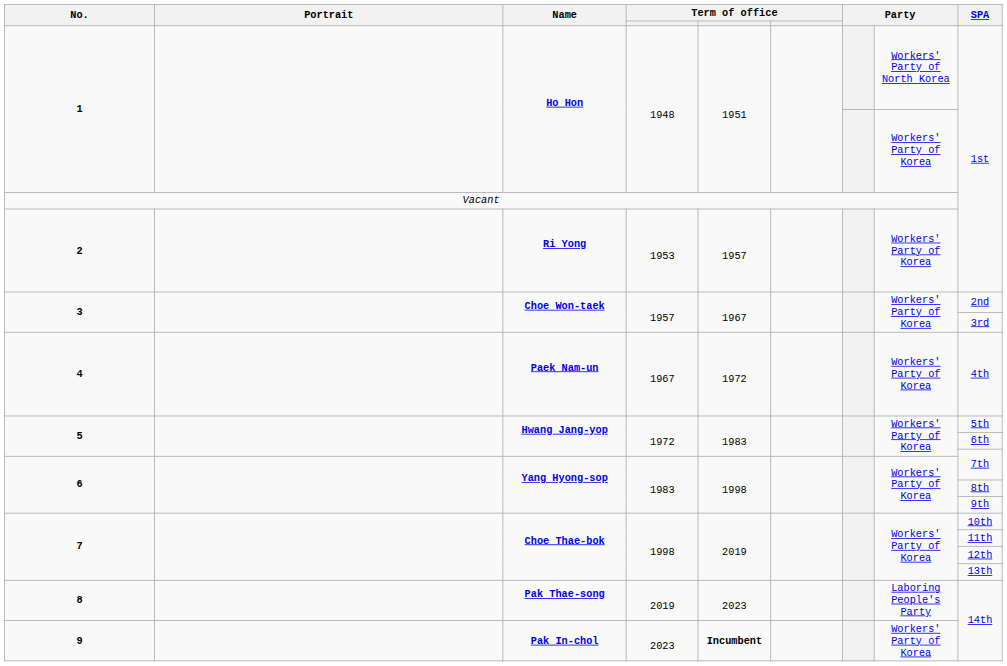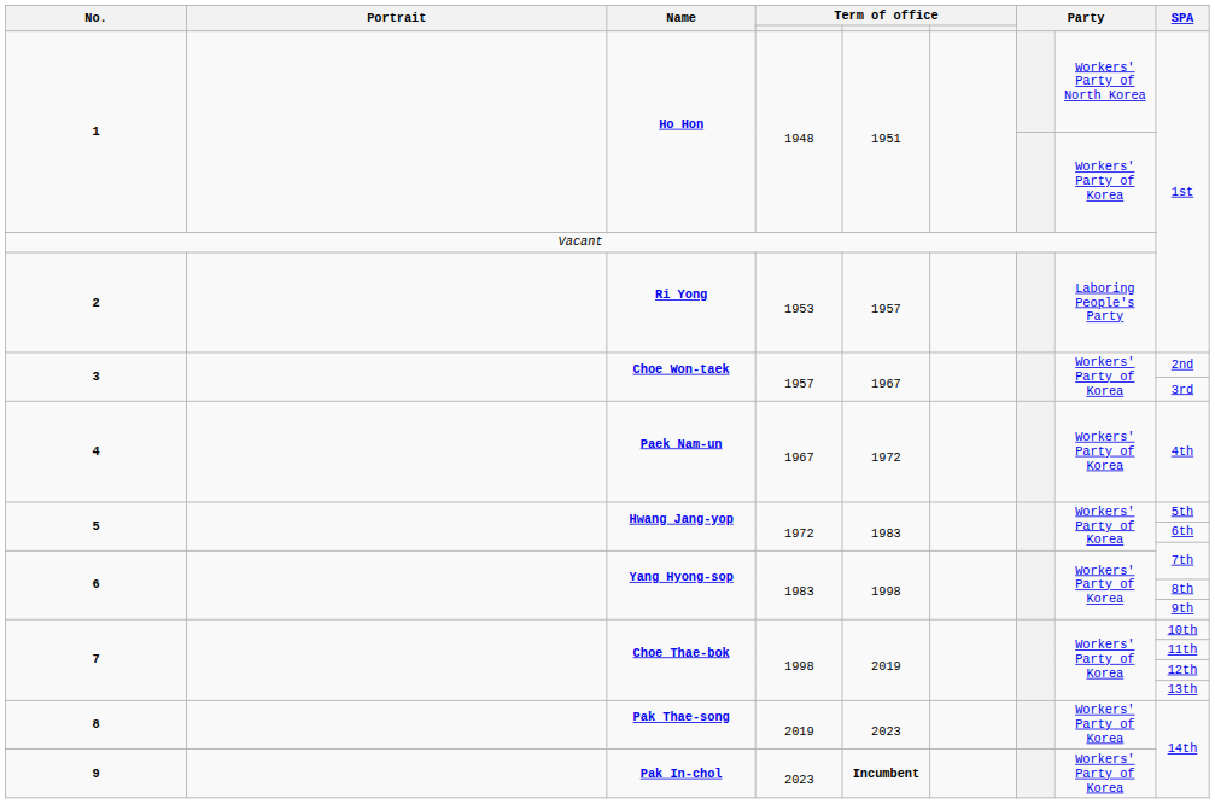 <table class="wikitable" style="text-align:center; width:100%;">
 <tr>
 <th rowspan="2">No.</th>
 <th rowspan="2">Portrait</th>
 <th rowspan="2" width="150">Name<br></th>
 <th colspan="3">Term of office</th>
 <th colspan="2" rowspan="2">Party</th>
 <th rowspan="2" width="50"><a href='#'>SPA</a></th>
 </tr>
 <tr>
 <th width="85"></th>
 <th width="85"></th>
 <th width="85"></th>
 </tr>
 <tr>
 <td rowspan="2"><strong>1</strong></td>
 <td rowspan="2"></td>
 <td rowspan="2"><strong><a href='#'>Ho Hon</a></strong><br><br></td>
 <td rowspan="2"><br>1948</td>
 <td rowspan="2"><br>1951</td>
 <td rowspan="2"></td>
 <th height="99" style="background:"></th>
 <td width="100"><a href='#'>Workers' Party of North Korea</a><br></td>
 <td rowspan="4"><a href='#'>1st</a></td>
 </tr>
 <tr>
 <th height="99" style="background:"></th>
 <td><a href='#'>Workers' Party of Korea</a><br></td>
 </tr>
 <tr>
 <td colspan="8"><em>Vacant</em><br></td>
 </tr>
 <tr>
 <td><strong>2</strong></td>
 <td></td>
 <td><strong><a href='#'>Ri Yong</a></strong><br><br></td>
 <td><br>1953</td>
 <td><br>1957</td>
 <td></td>
 <th height="99" style="background:"></th>
-<td><a href='#'>Workers' Party of Korea</a></td>
+<td><a href='#'>Laboring People's Party</a></td>
 </tr>
 <tr>
 <td rowspan="2"><strong>3</strong></td>
 <td rowspan="2"></td>
 <td rowspan="2"><strong><a href='#'>Choe Won-taek</a></strong><br><br></td>
 <td rowspan="2"><br>1957</td>
 <td rowspan="2"><br>1967</td>
 <td rowspan="2"></td>
 <th rowspan="2" style="background:"></th>
 <td rowspan="2"><a href='#'>Workers' Party of Korea</a></td>
 <td><a href='#'>2nd</a></td>
 </tr>
 <tr>
 <td><a href='#'>3rd</a></td>
 </tr>
 <tr>
 <td><strong>4</strong></td>
 <td></td>
 <td><strong><a href='#'>Paek Nam-un</a></strong><br><br></td>
 <td><br>1967</td>
 <td><br>1972</td>
 <td></td>
 <th height="99" style="background:"></th>
 <td><a href='#'>Workers' Party of Korea</a></td>
 <td><a href='#'>4th</a></td>
 </tr>
 <tr>
 <td rowspan="3"><strong>5</strong></td>
 <td rowspan="3"></td>
 <td rowspan="3"><strong><a href='#'>Hwang Jang-yop</a></strong><br><br></td>
 <td rowspan="3"><br>1972</td>
 <td rowspan="3"><br>1983</td>
 <td rowspan="3"></td>
 <th rowspan="3" style="background:"></th>
 <td rowspan="3"><a href='#'>Workers' Party of Korea</a></td>
 <td><a href='#'>5th</a></td>
 </tr>
 <tr>
 <td><a href='#'>6th</a></td>
 </tr>
 <tr>
 <td rowspan="2"><a href='#'>7th</a></td>
 </tr>
 <tr style="height:30px;">
 <td rowspan="3"><strong>6</strong></td>
 <td rowspan="3"></td>
 <td rowspan="3"><strong><a href='#'>Yang Hyong-sop</a></strong><br><br></td>
 <td rowspan="3"><br>1983</td>
 <td rowspan="3"><br>1998</td>
 <td rowspan="3"></td>
 <th rowspan="3" style="background:"></th>
 <td rowspan="3"><a href='#'>Workers' Party of Korea</a></td>
 </tr>
 <tr>
 <td><a href='#'>8th</a></td>
 </tr>
 <tr>
 <td><a href='#'>9th</a></td>
 </tr>
 <tr>
 <td rowspan="4"><strong>7</strong></td>
 <td rowspan="4"></td>
 <td rowspan="4"><strong><a href='#'>Choe Thae-bok</a></strong><br><br></td>
 <td rowspan="4"><br>1998</td>
 <td rowspan="4"><br>2019</td>
 <td rowspan="4"></td>
 <th rowspan="4" style="background:"></th>
 <td rowspan="4"><a href='#'>Workers' Party of Korea</a></td>
 <td><a href='#'>10th</a></td>
 </tr>
 <tr>
 <td><a href='#'>11th</a></td>
 </tr>
 <tr>
 <td><a href='#'>12th</a></td>
 </tr>
 <tr>
 <td><a href='#'>13th</a></td>
 </tr>
 <tr>
 <td><strong>8</strong></td>
 <td></td>
 <td><strong><a href='#'>Pak Thae-song</a></strong><br><br></td>
 <td><br>2019</td>
 <td><br>2023</td>
 <td></td>
 <th style="background:"></th>
-<td><a href='#'>Laboring People's Party</a></td>
+<td><a href='#'>Workers' Party of Korea</a></td>
 <td rowspan="2"><a href='#'>14th</a></td>
 </tr>
 <tr>
 <td><strong>9</strong></td>
 <td></td>
 <td><strong><a href='#'>Pak In-chol</a></strong><br></td>
 <td><br>2023</td>
 <td><strong>Incumbent</strong></td>
 <td></td>
 <th style="background:"></th>
 <td><a href='#'>Workers' Party of Korea</a></td>
 </tr>
 </table>
